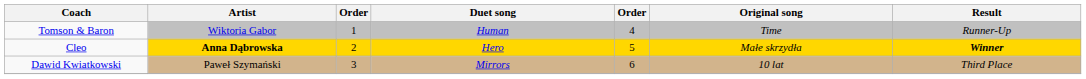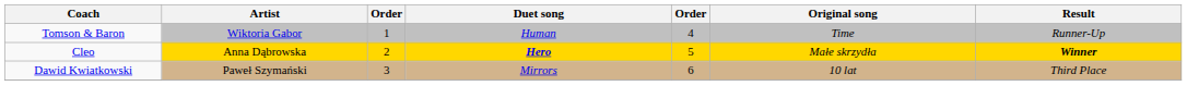 <table class="wikitable" style="text-align:center; width:100%;">
 <tr>
 <th scope="col" style="width:13%;">Coach</th>
 <th scope="col" style="width:17%;">Artist</th>
 <th scope="col" style="width:03%;">Order</th>
 <th scope="col" style="width:22%;">Duet song</th>
 <th scope="col" style="width:03%;">Order</th>
 <th scope="col" style="width:22%;">Original song</th>
 <th scope="col" style="width:17%;">Result</th>
 </tr>
 <tr>
 <td rowspan="1"><a href='#'>Tomson & Baron</a></td>
 <td style="background:silver;"><a href='#'>Wiktoria Gabor</a></td>
 <td style="background:silver;">1</td>
 <td style="background:silver;"><em><a href='#'>Human</a></em></td>
 <td style="background:silver;">4</td>
 <td style="background:silver;"><em>Time</em></td>
 <td style="background:silver;"><em>Runner-Up</em></td>
 </tr>
 <tr>
 <td rowspan="1"><a href='#'>Cleo</a></td>
-<td style="background:gold;"><strong>Anna Dąbrowska</strong></td>
+<td style="background:gold;">Anna Dąbrowska</td>
 <td style="background:gold;">2</td>
-<td style="background:gold;"><em><a href='#'>Hero</a></em></td>
+<td style="background:gold;"><strong><em><a href='#'>Hero</a></em></strong></td>
 <td style="background:gold;">5</td>
 <td style="background:gold;"><em>Małe skrzydła</em></td>
 <td style="background:gold;"><strong><em>Winner</em></strong></td>
 </tr>
 <tr>
 <td rowspan="1"><a href='#'>Dawid Kwiatkowski</a></td>
 <td style="background:tan;">Paweł Szymański</td>
 <td style="background:tan;">3</td>
 <td style="background:tan;"><em><a href='#'>Mirrors</a></em></td>
 <td style="background:tan;">6</td>
 <td style="background:tan;"><em>10 lat</em></td>
 <td style="background:tan;"><em>Third Place</em></td>
 </tr>
 <tr>
 </tr>
 </table>
